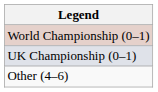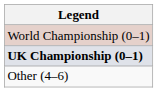 <table class="wikitable">
 <tr>
 <th>Legend</th>
 </tr>
 <tr style="background:#e5d1cb;">
 <td>World Championship (0–1)</td>
 </tr>
 <tr style="background:#dfe2e9;">
-<td>UK Championship (0–1)</td>
+<td><strong>UK Championship (0–1)</strong></td>
 </tr>
 <tr bgcolor=>
 <td>Other (4–6)</td>
 </tr>
 </table>
